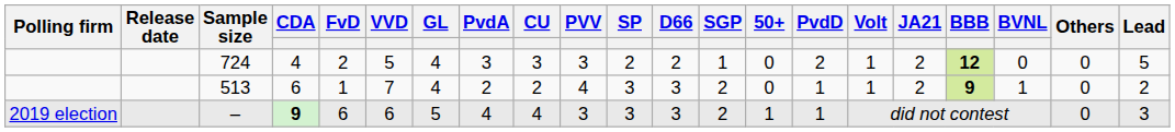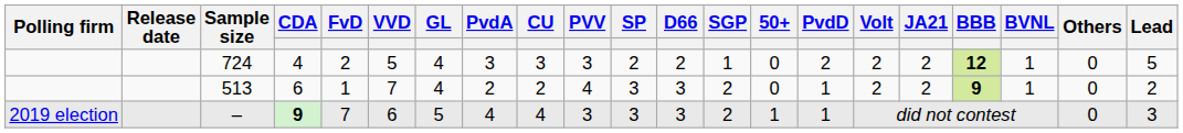 <table class="wikitable sortable tpl-blanktable" style="text-align:center;font-size:90%;line-height:14px;">
 <tr>
 <th rowspan="2">Polling firm</th>
 <th rowspan="2">Release<br>date</th>
 <th rowspan="2">Sample<br>size</th>
 <th class="unsortable" style="width:30px;"><a href='#'>CDA</a></th>
 <th class="unsortable" style="width:30px;"><a href='#'>FvD</a></th>
 <th class="unsortable" style="width:30px;"><a href='#'>VVD</a></th>
 <th class="unsortable" style="width:30px;"><a href='#'>GL</a></th>
 <th class="unsortable" style="width:30px;"><a href='#'>PvdA</a></th>
 <th class="unsortable" style="width:30px;"><a href='#'>CU</a></th>
 <th class="unsortable" style="width:30px;"><a href='#'>PVV</a></th>
 <th class="unsortable" style="width:30px;"><a href='#'>SP</a></th>
 <th class="unsortable" style="width:30px;"><a href='#'>D66</a></th>
 <th class="unsortable" style="width:30px;"><a href='#'>SGP</a></th>
 <th class="unsortable" style="width:30px;"><a href='#'>50+</a></th>
 <th class="unsortable" style="width:30px;"><a href='#'>PvdD</a></th>
 <th class="unsortable" style="width:30px;"><a href='#'>Volt</a></th>
 <th class="unsortable" style="width:30px;"><a href='#'>JA21</a></th>
 <th class="unsortable" style="width:30px;"><a href='#'>BBB</a></th>
 <th class="unsortable" style="width:30px;"><a href='#'>BVNL</a></th>
 <th class="unsortable" style="width:30px;" rowspan="2">Others</th>
 <th rowspan="2">Lead</th>
 </tr>
 <tr>
 <th data-sort-type="number" style="background:"></th>
 <th data-sort-type="number" style="background:"></th>
 <th data-sort-type="number" style="background:"></th>
 <th data-sort-type="number" style="background:"></th>
 <th data-sort-type="number" style="background:"></th>
 <th data-sort-type="number" style="background:"></th>
 <th data-sort-type="number" style="background:"></th>
 <th data-sort-type="number" style="background:"></th>
 <th data-sort-type="number" style="background:"></th>
 <th data-sort-type="number" style="background:"></th>
 <th data-sort-type="number" style="background:"></th>
 <th data-sort-type="number" style="background:"></th>
 <th data-sort-type="number" style="background:"></th>
 <th data-sort-type="number" style="background:"></th>
 <th data-sort-type="number" style="background:"></th>
 <th data-sort-type="number" style="background:"></th>
 </tr>
 <tr>
 <td></td>
 <td></td>
 <td>724</td>
 <td>4</td>
 <td>2</td>
 <td>5</td>
 <td>4</td>
 <td>3</td>
 <td>3</td>
 <td>3</td>
 <td>2</td>
 <td>2</td>
 <td>1</td>
 <td>0</td>
 <td>2</td>
-<td>1</td>
+<td>2</td>
 <td>2</td>
 <td style="background:#d3ea9e;"><strong>12</strong></td>
-<td>0</td>
+<td>1</td>
 <td>0</td>
 <td style="background:">5</td>
 </tr>
 <tr>
 <td></td>
 <td></td>
 <td>513</td>
 <td>6</td>
 <td>1</td>
 <td>7</td>
 <td>4</td>
 <td>2</td>
 <td>2</td>
 <td>4</td>
 <td>3</td>
 <td>3</td>
 <td>2</td>
 <td>0</td>
 <td>1</td>
-<td>1</td>
+<td>2</td>
 <td>2</td>
 <td style="background:#d3ea9e;"><strong>9</strong></td>
 <td>1</td>
 <td>0</td>
 <td style="background:">2</td>
 </tr>
 <tr style="background:#E9E9E9;">
 <td><a href='#'>2019 election</a></td>
 <td></td>
 <td>–</td>
 <td style="background:#D3F2D0;"><strong>9</strong></td>
-<td>6</td>
+<td>7</td>
 <td>6</td>
 <td>5</td>
 <td>4</td>
 <td>4</td>
 <td>3</td>
 <td>3</td>
 <td>3</td>
 <td>2</td>
 <td>1</td>
 <td>1</td>
 <td colspan=4><em>did not contest</em></td>
 <td>0</td>
 <td style="background:">3</td>
 </tr>
 </table>
